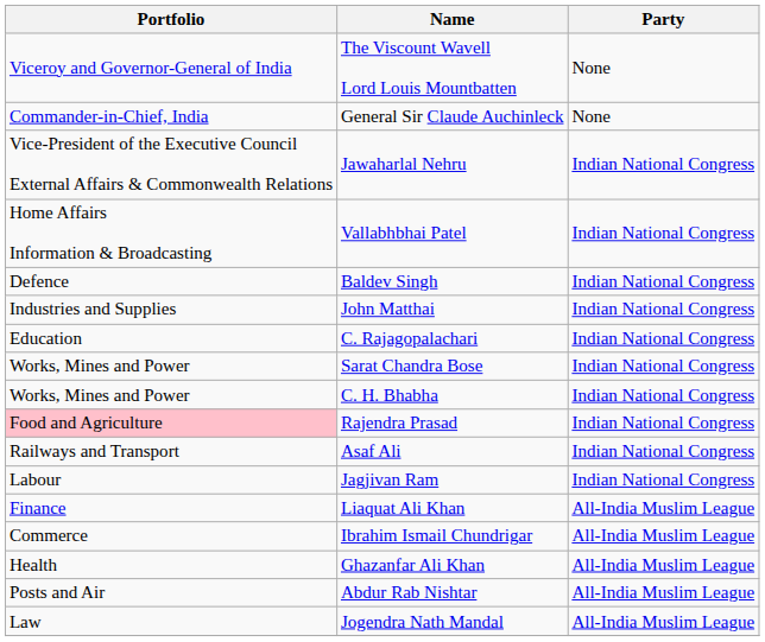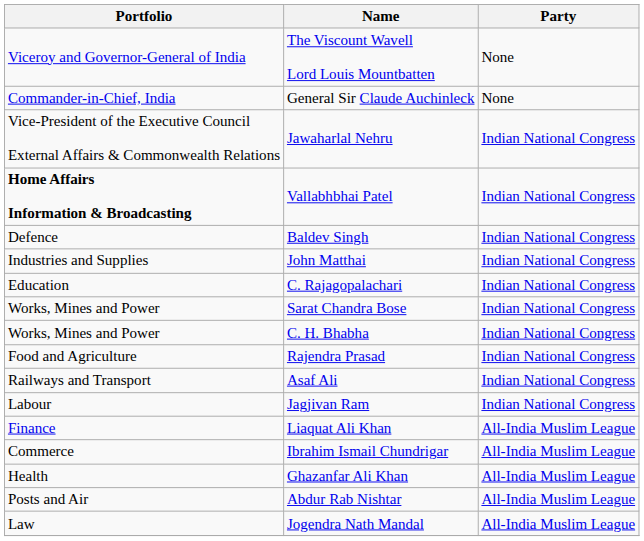 <table class="wikitable">
 <tr>
 <th>Portfolio</th>
 <th>Name</th>
 <th>Party</th>
 </tr>
 <tr>
 <td><a href='#'>Viceroy and Governor-General of India</a><br></td>
 <td><a href='#'>The Viscount Wavell</a><br><br><a href='#'>Lord Louis Mountbatten</a></td>
 <td>None</td>
 </tr>
 <tr>
 <td><a href='#'>Commander-in-Chief, India</a></td>
 <td>General Sir <a href='#'>Claude Auchinleck</a></td>
 <td>None</td>
 </tr>
 <tr>
 <td>Vice-President of the Executive Council<br><br>External Affairs & Commonwealth Relations<br></td>
 <td><a href='#'>Jawaharlal Nehru</a></td>
 <td><a href='#'>Indian National Congress</a></td>
 </tr>
 <tr>
-<td>Home Affairs<br><br>Information & Broadcasting <br></td>
+<td><strong>Home Affairs<br><br>Information & Broadcasting <br></strong></td>
 <td><a href='#'>Vallabhbhai Patel</a></td>
 <td><a href='#'>Indian National Congress</a></td>
 </tr>
 <tr>
 <td>Defence</td>
 <td><a href='#'>Baldev Singh</a></td>
 <td><a href='#'>Indian National Congress</a></td>
 </tr>
 <tr>
 <td>Industries and Supplies</td>
 <td><a href='#'>John Matthai</a></td>
 <td><a href='#'>Indian National Congress</a></td>
 </tr>
 <tr>
 <td>Education</td>
 <td><a href='#'>C. Rajagopalachari</a></td>
 <td><a href='#'>Indian National Congress</a></td>
 </tr>
 <tr>
 <td>Works, Mines and Power</td>
 <td><a href='#'>Sarat Chandra Bose</a></td>
 <td><a href='#'>Indian National Congress</a></td>
 </tr>
 <tr>
 <td>Works, Mines and Power</td>
 <td><a href='#'>C. H. Bhabha</a></td>
 <td><a href='#'>Indian National Congress</a></td>
 </tr>
 <tr>
-<td style="background: pink;">Food and Agriculture</td>
+<td>Food and Agriculture</td>
 <td><a href='#'>Rajendra Prasad</a></td>
 <td><a href='#'>Indian National Congress</a></td>
 </tr>
 <tr>
 <td>Railways and Transport</td>
 <td><a href='#'>Asaf Ali</a></td>
 <td><a href='#'>Indian National Congress</a></td>
 </tr>
 <tr>
 <td>Labour</td>
 <td><a href='#'>Jagjivan Ram</a></td>
 <td><a href='#'>Indian National Congress</a></td>
 </tr>
 <tr>
 <td><a href='#'>Finance</a></td>
 <td><a href='#'>Liaquat Ali Khan</a></td>
 <td><a href='#'>All-India Muslim League</a></td>
 </tr>
 <tr>
 <td>Commerce</td>
 <td><a href='#'>Ibrahim Ismail Chundrigar</a></td>
 <td><a href='#'>All-India Muslim League</a></td>
 </tr>
 <tr>
 <td>Health</td>
 <td><a href='#'>Ghazanfar Ali Khan</a></td>
 <td><a href='#'>All-India Muslim League</a></td>
 </tr>
 <tr>
 <td>Posts and Air</td>
 <td><a href='#'>Abdur Rab Nishtar</a></td>
 <td><a href='#'>All-India Muslim League</a></td>
 </tr>
 <tr>
 <td>Law</td>
 <td><a href='#'>Jogendra Nath Mandal</a></td>
 <td><a href='#'>All-India Muslim League</a></td>
 </tr>
 <tr>
 </tr>
 </table>
